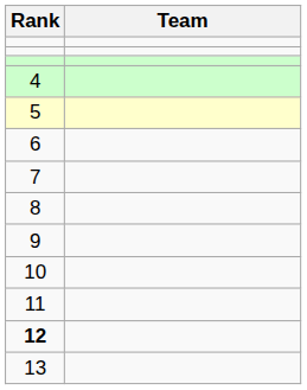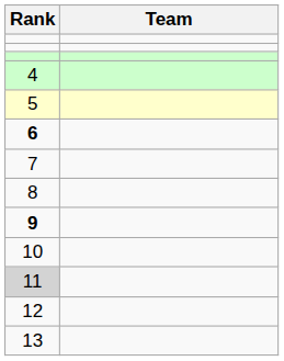 <table class="wikitable" style="text-align: center;">
 <tr>
 <th width=40>Rank</th>
 <th width=180>Team</th>
 </tr>
 <tr>
 <td></td>
 <td align="left"></td>
 </tr>
 <tr>
 <td></td>
 <td align="left"></td>
 </tr>
 <tr bgcolor=#CCFFCC>
 <td></td>
 <td align="left"></td>
 </tr>
 <tr bgcolor=#CCFFCC>
 <td>4</td>
 <td align="left"></td>
 </tr>
 <tr bgcolor=#ffffcc>
 <td>5</td>
 <td align="left"></td>
 </tr>
 <tr>
-<td>6</td>
+<td><strong>6</strong></td>
 <td align="left"></td>
 </tr>
 <tr>
 <td>7</td>
 <td align="left"></td>
 </tr>
 <tr>
 <td>8</td>
 <td align="left"></td>
 </tr>
 <tr>
-<td>9</td>
+<td><strong>9</strong></td>
 <td align="left"></td>
 </tr>
 <tr>
 <td>10</td>
 <td align="left"></td>
 </tr>
 <tr>
-<td>11</td>
+<td style="background: lightgrey;">11</td>
 <td align="left"></td>
 </tr>
 <tr>
-<td><strong>12</strong></td>
+<td>12</td>
 <td align="left"></td>
 </tr>
 <tr>
 <td>13</td>
 <td align="left"></td>
 </tr>
 </table>
